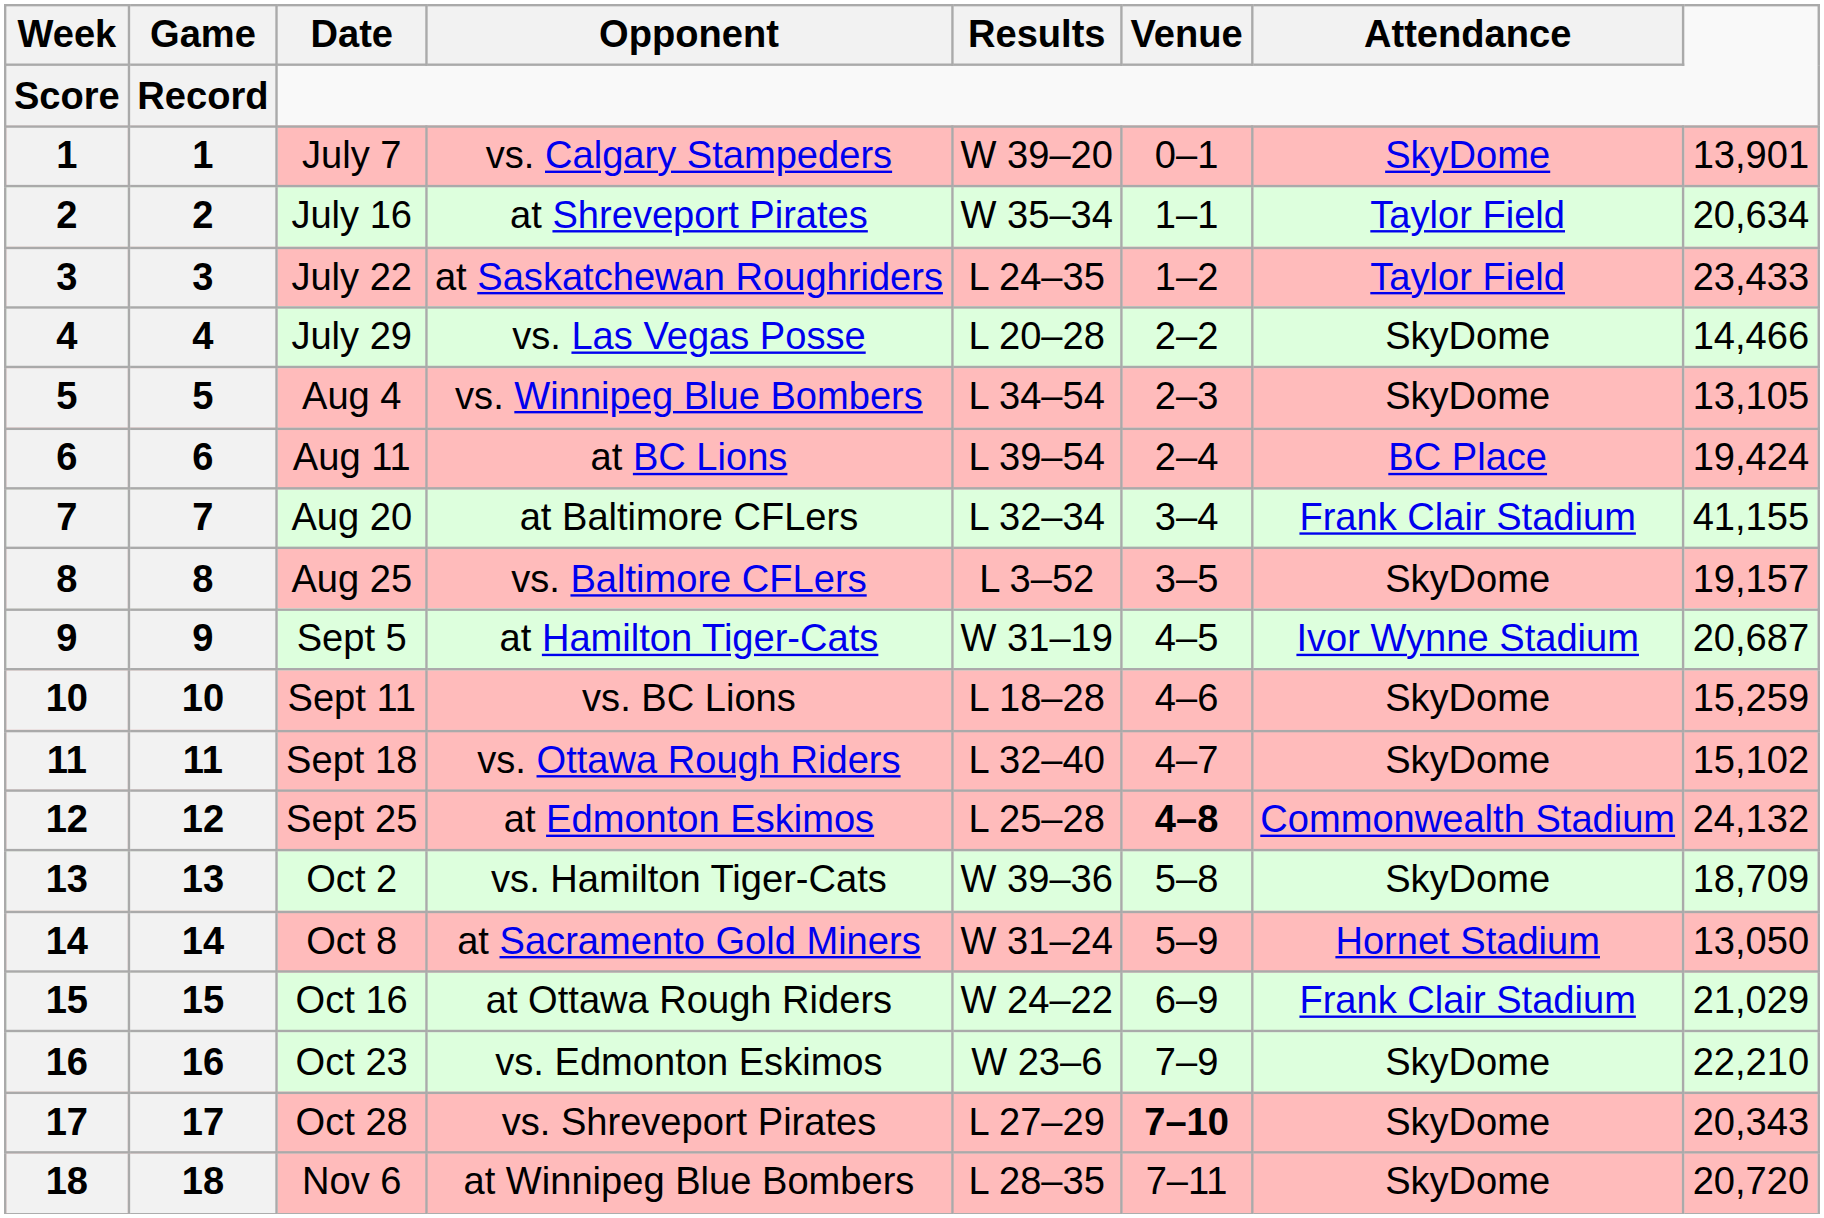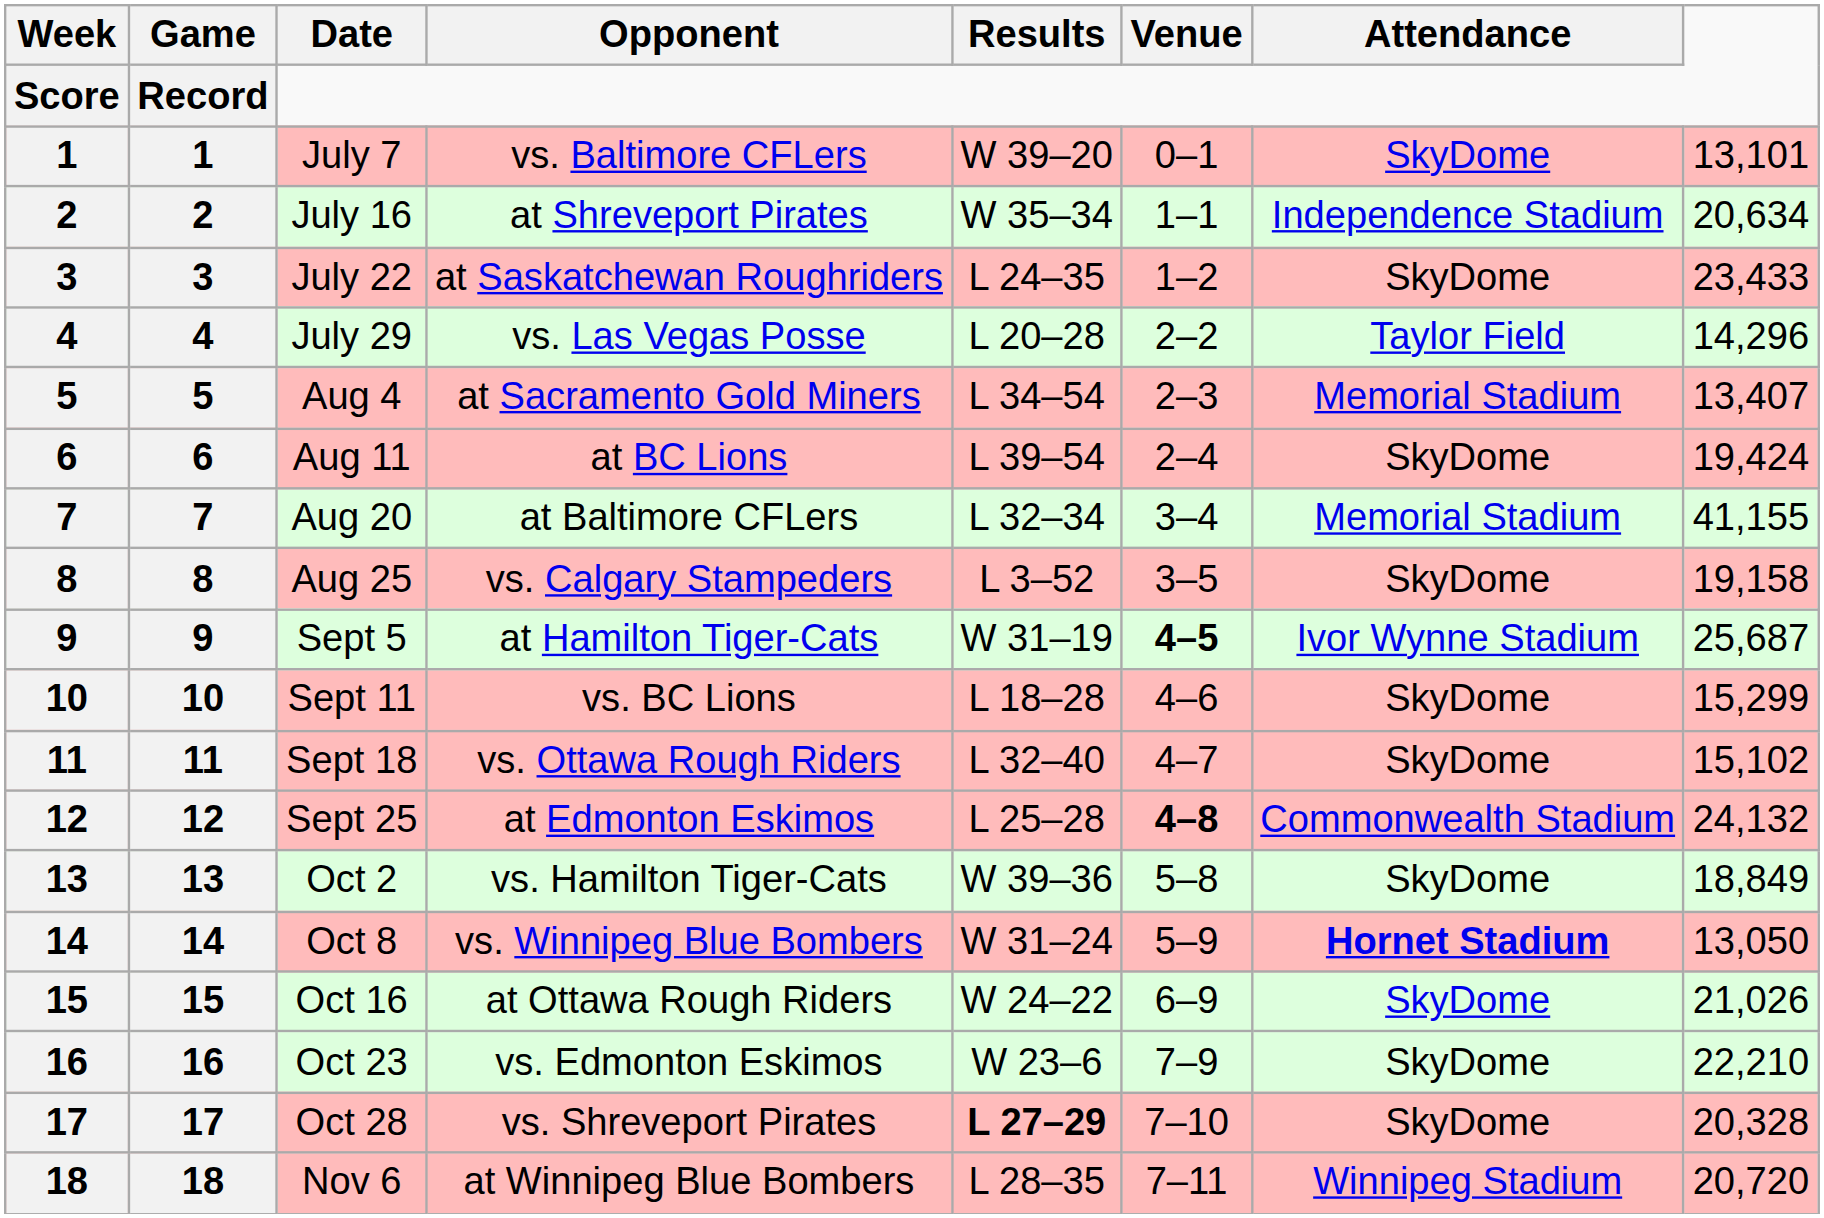 <table class="wikitable" style="text-align:center">
 <tr>
 <th>Week</th>
 <th>Game</th>
 <th>Date</th>
 <th>Opponent</th>
 <th>Results</th>
 <th>Venue</th>
 <th>Attendance</th>
 </tr>
 <tr>
 <th>Score</th>
 <th>Record</th>
 </tr>
 <tr style="background:#ffbbbb">
 <th>1</th>
 <th>1</th>
 <td>July 7</td>
-<td>vs. <a href='#'>Calgary Stampeders</a></td>
+<td>vs. <a href='#'>Baltimore CFLers</a></td>
 <td>W 39–20</td>
 <td>0–1</td>
 <td><a href='#'>SkyDome</a></td>
-<td>13,901</td>
+<td>13,101</td>
 </tr>
 <tr style="background:#ddffdd">
 <th>2</th>
 <th>2</th>
 <td>July 16</td>
 <td>at <a href='#'>Shreveport Pirates</a></td>
 <td>W 35–34</td>
 <td>1–1</td>
-<td><a href='#'>Taylor Field</a></td>
+<td><a href='#'>Independence Stadium</a></td>
 <td>20,634</td>
 </tr>
 <tr style="background:#ffbbbb">
 <th>3</th>
 <th>3</th>
 <td>July 22</td>
 <td>at <a href='#'>Saskatchewan Roughriders</a></td>
 <td>L 24–35</td>
 <td>1–2</td>
-<td><a href='#'>Taylor Field</a></td>
+<td>SkyDome</td>
 <td>23,433</td>
 </tr>
 <tr style="background:#ddffdd">
 <th>4</th>
 <th>4</th>
 <td>July 29</td>
 <td>vs. <a href='#'>Las Vegas Posse</a></td>
 <td>L 20–28</td>
 <td>2–2</td>
-<td>SkyDome</td>
-<td>14,466</td>
+<td><a href='#'>Taylor Field</a></td>
+<td>14,296</td>
 </tr>
 <tr style="background:#ffbbbb">
 <th>5</th>
 <th>5</th>
 <td>Aug 4</td>
-<td>vs. <a href='#'>Winnipeg Blue Bombers</a></td>
+<td>at <a href='#'>Sacramento Gold Miners</a></td>
 <td>L 34–54</td>
 <td>2–3</td>
-<td>SkyDome</td>
-<td>13,105</td>
+<td><a href='#'>Memorial Stadium</a></td>
+<td>13,407</td>
 </tr>
 <tr style="background:#ffbbbb">
 <th>6</th>
 <th>6</th>
 <td>Aug 11</td>
 <td>at <a href='#'>BC Lions</a></td>
 <td>L 39–54</td>
 <td>2–4</td>
-<td><a href='#'>BC Place</a></td>
+<td>SkyDome</td>
 <td>19,424</td>
 </tr>
 <tr style="background:#ddffdd">
 <th>7</th>
 <th>7</th>
 <td>Aug 20</td>
 <td>at Baltimore CFLers</td>
 <td>L 32–34</td>
 <td>3–4</td>
-<td><a href='#'>Frank Clair Stadium</a></td>
+<td><a href='#'>Memorial Stadium</a></td>
 <td>41,155</td>
 </tr>
 <tr style="background:#ffbbbb">
 <th>8</th>
 <th>8</th>
 <td>Aug 25</td>
-<td>vs. <a href='#'>Baltimore CFLers</a></td>
+<td>vs. <a href='#'>Calgary Stampeders</a></td>
 <td>L 3–52</td>
 <td>3–5</td>
 <td>SkyDome</td>
-<td>19,157</td>
+<td>19,158</td>
 </tr>
 <tr style="background:#ddffdd">
 <th>9</th>
 <th>9</th>
 <td>Sept 5</td>
 <td>at <a href='#'>Hamilton Tiger-Cats</a></td>
 <td>W 31–19</td>
-<td>4–5</td>
+<td><strong>4–5</strong></td>
 <td><a href='#'>Ivor Wynne Stadium</a></td>
-<td>20,687</td>
+<td>25,687</td>
 </tr>
 <tr style="background:#ffbbbb">
 <th>10</th>
 <th>10</th>
 <td>Sept 11</td>
 <td>vs. BC Lions</td>
 <td>L 18–28</td>
 <td>4–6</td>
 <td>SkyDome</td>
-<td>15,259</td>
+<td>15,299</td>
 </tr>
 <tr style="background:#ffbbbb">
 <th>11</th>
 <th>11</th>
 <td>Sept 18</td>
 <td>vs. <a href='#'>Ottawa Rough Riders</a></td>
 <td>L 32–40</td>
 <td>4–7</td>
 <td>SkyDome</td>
 <td>15,102</td>
 </tr>
 <tr style="background:#ffbbbb">
 <th>12</th>
 <th>12</th>
 <td>Sept 25</td>
 <td>at <a href='#'>Edmonton Eskimos</a></td>
 <td>L 25–28</td>
 <td><strong>4–8</strong></td>
 <td><a href='#'>Commonwealth Stadium</a></td>
 <td>24,132</td>
 </tr>
 <tr style="background:#ddffdd">
 <th>13</th>
 <th>13</th>
 <td>Oct 2</td>
 <td>vs. Hamilton Tiger-Cats</td>
 <td>W 39–36</td>
 <td>5–8</td>
 <td>SkyDome</td>
-<td>18,709</td>
+<td>18,849</td>
 </tr>
 <tr style="background:#ffbbbb">
 <th>14</th>
 <th>14</th>
 <td>Oct 8</td>
-<td>at <a href='#'>Sacramento Gold Miners</a></td>
+<td>vs. <a href='#'>Winnipeg Blue Bombers</a></td>
 <td>W 31–24</td>
 <td>5–9</td>
-<td><a href='#'>Hornet Stadium</a></td>
+<td><strong><a href='#'>Hornet Stadium</a></strong></td>
 <td>13,050</td>
 </tr>
 <tr style="background:#ddffdd">
 <th>15</th>
 <th>15</th>
 <td>Oct 16</td>
 <td>at Ottawa Rough Riders</td>
 <td>W 24–22</td>
 <td>6–9</td>
-<td><a href='#'>Frank Clair Stadium</a></td>
-<td>21,029</td>
+<td><a href='#'>SkyDome</a></td>
+<td>21,026</td>
 </tr>
 <tr style="background:#ddffdd">
 <th>16</th>
 <th>16</th>
 <td>Oct 23</td>
 <td>vs. Edmonton Eskimos</td>
 <td>W 23–6</td>
 <td>7–9</td>
 <td>SkyDome</td>
 <td>22,210</td>
 </tr>
 <tr style="background:#ffbbbb">
 <th>17</th>
 <th>17</th>
 <td>Oct 28</td>
 <td>vs. Shreveport Pirates</td>
-<td>L 27–29</td>
-<td><strong>7–10</strong></td>
+<td><strong>L 27–29</strong></td>
+<td>7–10</td>
 <td>SkyDome</td>
-<td>20,343</td>
+<td>20,328</td>
 </tr>
 <tr style="background:#ffbbbb">
 <th>18</th>
 <th>18</th>
 <td>Nov 6</td>
 <td>at Winnipeg Blue Bombers</td>
 <td>L 28–35</td>
 <td>7–11</td>
-<td>SkyDome</td>
+<td><a href='#'>Winnipeg Stadium</a></td>
 <td>20,720</td>
 </tr>
 </table>
